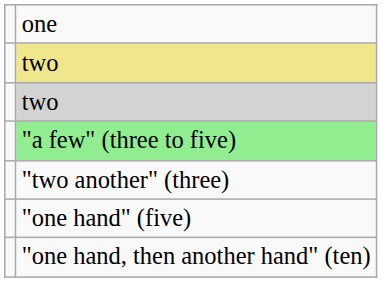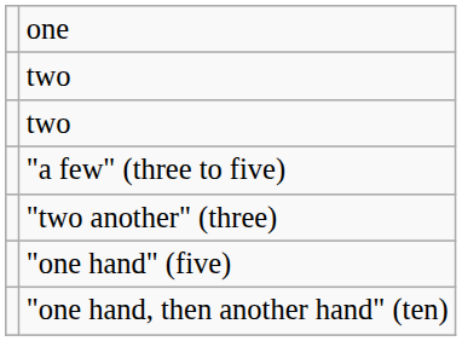 <table class="wikitable">
 <tr>
 <td></td>
 <td>one</td>
 </tr>
 <tr>
 <td></td>
-<td style="background: khaki;">two</td>
+<td>two</td>
 </tr>
 <tr>
 <td></td>
-<td style="background: lightgrey;">two</td>
+<td>two</td>
 </tr>
 <tr>
 <td></td>
-<td style="background: lightgreen;">"a few" (three to five)</td>
+<td>"a few" (three to five)</td>
 </tr>
 <tr>
 <td></td>
 <td>"two another" (three)</td>
 </tr>
 <tr>
 <td></td>
 <td>"one hand" (five)</td>
 </tr>
 <tr>
 <td></td>
 <td>"one hand, then another hand" (ten)</td>
 </tr>
 </table>
